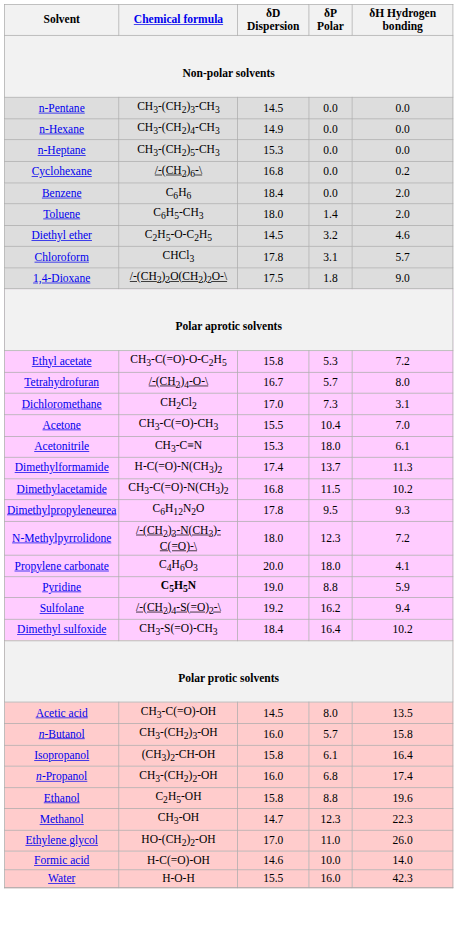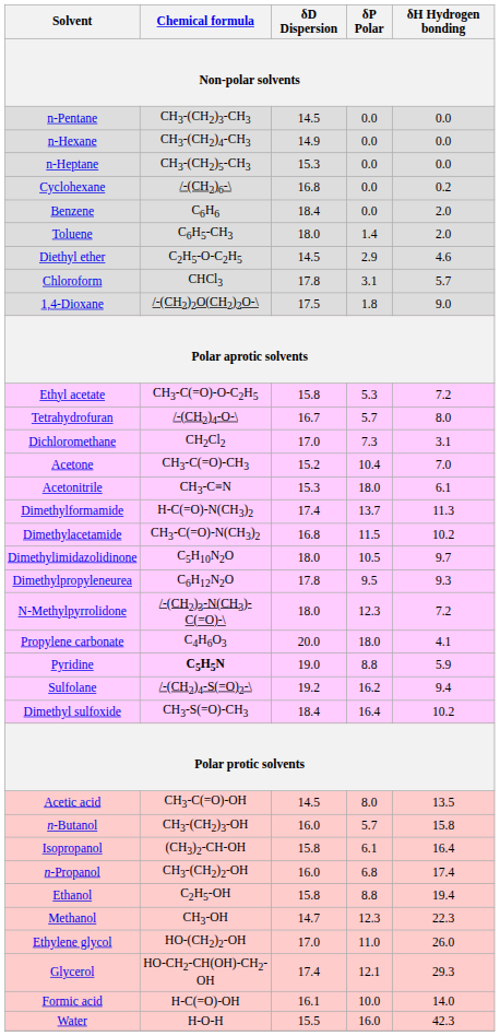 <table class="wikitable sortable" style="margin:auto; text-align:center;">
 <tr>
 <th>Solvent</th>
 <th><a href='#'>Chemical formula</a></th>
 <th>δD Dispersion</th>
 <th>δP Polar</th>
 <th>δH Hydrogen bonding<br></th>
 </tr>
 <tr style="background:#ddd;height: 50px;vertical-align:top">
 <th colspan="5"><br><h4>Non-polar solvents</h4></th>
 </tr>
 <tr style="background:#ddd;">
 <td><a href='#'>n-Pentane</a></td>
 <td>CH<sub>3</sub>-(CH<sub>2</sub>)<sub>3</sub>-CH<sub>3</sub></td>
 <td>14.5</td>
 <td>0.0</td>
 <td>0.0</td>
 </tr>
 <tr style="background:#ddd;">
 <td><a href='#'>n-Hexane</a></td>
 <td>CH<sub>3</sub>-(CH<sub>2</sub>)<sub>4</sub>-CH<sub>3</sub></td>
 <td>14.9</td>
 <td>0.0</td>
 <td>0.0</td>
 </tr>
 <tr style="background:#ddd;">
 <td><a href='#'>n-Heptane</a></td>
 <td>CH<sub>3</sub>-(CH<sub>2</sub>)<sub>5</sub>-CH<sub>3</sub></td>
 <td>15.3</td>
 <td>0.0</td>
 <td>0.0</td>
 </tr>
 <tr style="background:#ddd;">
 <td><a href='#'>Cyclohexane</a></td>
 <td><u>/-(CH<sub>2</sub>)<sub>6</sub>-\</u></td>
 <td>16.8</td>
 <td>0.0</td>
 <td>0.2</td>
 </tr>
 <tr style="background:#ddd;">
 <td><a href='#'>Benzene</a></td>
 <td>C<sub>6</sub>H<sub>6</sub></td>
 <td>18.4</td>
 <td>0.0</td>
 <td>2.0</td>
 </tr>
 <tr style="background:#ddd;">
 <td><a href='#'>Toluene</a></td>
 <td>C<sub>6</sub>H<sub>5</sub>-CH<sub>3</sub></td>
 <td>18.0</td>
 <td>1.4</td>
 <td>2.0</td>
 </tr>
 <tr style="background:#ddd;">
 <td><a href='#'>Diethyl ether</a></td>
 <td>C<sub>2</sub>H<sub>5</sub>-O-C<sub>2</sub>H<sub>5</sub></td>
 <td>14.5</td>
-<td>3.2</td>
+<td>2.9</td>
 <td>4.6</td>
 </tr>
 <tr style="background:#ddd;">
 <td><a href='#'>Chloroform</a></td>
 <td>CHCl<sub>3</sub></td>
 <td>17.8</td>
 <td>3.1</td>
 <td>5.7</td>
 </tr>
 <tr style="background:#ddd;">
 <td><a href='#'>1,4-Dioxane</a></td>
 <td><u>/-(CH<sub>2</sub>)<sub>2</sub>O(CH<sub>2</sub>)<sub>2</sub>O-\</u></td>
 <td>17.5</td>
 <td>1.8</td>
 <td>9.0</td>
 </tr>
 <tr style="background:#fcf;height: 50px;vertical-align:top">
 <th colspan="5"><br><h4>Polar aprotic solvents</h4></th>
 </tr>
 <tr style="background:#fcf;">
 <td><a href='#'>Ethyl acetate</a></td>
 <td>CH<sub>3</sub>-C(=O)-O-C<sub>2</sub>H<sub>5</sub></td>
 <td>15.8</td>
 <td>5.3</td>
 <td>7.2</td>
 </tr>
 <tr style="background:#fcf;">
 <td><a href='#'>Tetrahydrofuran</a></td>
 <td><u>/-(CH<sub>2</sub>)<sub>4</sub>-O-\</u></td>
 <td>16.7</td>
 <td>5.7</td>
 <td>8.0</td>
 </tr>
 <tr style="background:#fcf;">
 <td><a href='#'>Dichloromethane</a></td>
 <td>CH<sub>2</sub>Cl<sub>2</sub></td>
 <td>17.0</td>
 <td>7.3</td>
 <td>3.1</td>
 </tr>
 <tr style="background:#fcf;">
 <td><a href='#'>Acetone</a></td>
 <td>CH<sub>3</sub>-C(=O)-CH<sub>3</sub></td>
-<td>15.5</td>
+<td>15.2</td>
 <td>10.4</td>
 <td>7.0</td>
 </tr>
 <tr style="background:#fcf;">
 <td><a href='#'>Acetonitrile</a></td>
 <td>CH<sub>3</sub>-C≡N</td>
 <td>15.3</td>
 <td>18.0</td>
 <td>6.1</td>
 </tr>
 <tr style="background:#fcf;">
 <td><a href='#'>Dimethylformamide</a></td>
 <td>H-C(=O)-N(CH<sub>3</sub>)<sub>2</sub></td>
 <td>17.4</td>
 <td>13.7</td>
 <td>11.3</td>
 </tr>
 <tr style="background:#fcf;">
 <td><a href='#'>Dimethylacetamide</a></td>
 <td>CH<sub>3</sub>-C(=O)-N(CH<sub>3</sub>)<sub>2</sub></td>
 <td>16.8</td>
 <td>11.5</td>
 <td>10.2</td>
+</tr>
+<tr style="background:#fcf;">
+<td><a href='#'>Dimethylimidazolidinone</a></td>
+<td>C<sub>5</sub>H<sub>10</sub>N<sub>2</sub>O</td>
+<td>18.0</td>
+<td>10.5</td>
+<td>9.7</td>
 </tr>
 <tr style="background:#fcf;">
 <td><a href='#'>Dimethylpropyleneurea</a></td>
 <td>C<sub>6</sub>H<sub>12</sub>N<sub>2</sub>O</td>
 <td>17.8</td>
 <td>9.5</td>
 <td>9.3</td>
 </tr>
 <tr style="background:#fcf;">
 <td><a href='#'>N-Methylpyrrolidone</a></td>
 <td><u>/-(CH<sub>2</sub>)<sub>3</sub>-N(CH<sub>3</sub>)-C(=O)-\</u></td>
 <td>18.0</td>
 <td>12.3</td>
 <td>7.2</td>
 </tr>
 <tr style="background:#fcf;">
 <td><a href='#'>Propylene carbonate</a></td>
 <td>C<sub>4</sub>H<sub>6</sub>O<sub>3</sub></td>
 <td>20.0</td>
 <td>18.0</td>
 <td>4.1</td>
 </tr>
 <tr style="background:#fcf;">
 <td><a href='#'>Pyridine</a></td>
 <td><strong>C<sub>5</sub>H<sub>5</sub>N</strong></td>
 <td>19.0</td>
 <td>8.8</td>
 <td>5.9</td>
 </tr>
 <tr style="background:#fcf;">
 <td><a href='#'>Sulfolane</a></td>
 <td><u>/-(CH<sub>2</sub>)<sub>4</sub>-S(=O)<sub>2</sub>-\</u></td>
 <td>19.2</td>
 <td>16.2</td>
 <td>9.4</td>
 </tr>
 <tr style="background:#fcf;">
 <td><a href='#'>Dimethyl sulfoxide</a></td>
 <td>CH<sub>3</sub>-S(=O)-CH<sub>3</sub></td>
 <td>18.4</td>
 <td>16.4</td>
 <td>10.2</td>
 </tr>
 <tr style="background:#fcc;height: 50px;vertical-align:top">
 <th colspan="5"><br><h4>Polar protic solvents</h4></th>
 </tr>
 <tr style="background:#fcc;">
 <td><a href='#'>Acetic acid</a></td>
 <td>CH<sub>3</sub>-C(=O)-OH</td>
 <td>14.5</td>
 <td>8.0</td>
 <td>13.5</td>
 </tr>
 <tr style="background:#fcc;">
 <td><a href='#'><em>n</em>-Butanol</a></td>
 <td>CH<sub>3</sub>-(CH<sub>2</sub>)<sub>3</sub>-OH</td>
 <td>16.0</td>
 <td>5.7</td>
 <td>15.8</td>
 </tr>
 <tr style="background:#fcc;">
 <td><a href='#'>Isopropanol</a></td>
 <td>(CH<sub>3</sub>)<sub>2</sub>-CH-OH</td>
 <td>15.8</td>
 <td>6.1</td>
 <td>16.4</td>
 </tr>
 <tr style="background:#fcc;">
 <td><a href='#'><em>n</em>-Propanol</a></td>
 <td>CH<sub>3</sub>-(CH<sub>2</sub>)<sub>2</sub>-OH</td>
 <td>16.0</td>
 <td>6.8</td>
 <td>17.4</td>
 </tr>
 <tr style="background:#fcc;">
 <td><a href='#'>Ethanol</a></td>
 <td>C<sub>2</sub>H<sub>5</sub>-OH</td>
 <td>15.8</td>
 <td>8.8</td>
-<td>19.6</td>
+<td>19.4</td>
 </tr>
 <tr style="background:#fcc;">
 <td><a href='#'>Methanol</a></td>
 <td>CH<sub>3</sub>-OH</td>
 <td>14.7</td>
 <td>12.3</td>
 <td>22.3</td>
 </tr>
 <tr style="background:#fcc;">
 <td><a href='#'>Ethylene glycol</a></td>
 <td>HO-(CH<sub>2</sub>)<sub>2</sub>-OH</td>
 <td>17.0</td>
 <td>11.0</td>
 <td>26.0</td>
 </tr>
 <tr style="background:#fcc;">
+<td><a href='#'>Glycerol</a></td>
+<td>HO-CH<sub>2</sub>-CH(OH)-CH<sub>2</sub>-OH</td>
+<td>17.4</td>
+<td>12.1</td>
+<td>29.3</td>
+</tr>
+<tr style="background:#fcc;">
 <td><a href='#'>Formic acid</a></td>
 <td>H-C(=O)-OH</td>
-<td>14.6</td>
+<td>16.1</td>
 <td>10.0</td>
 <td>14.0</td>
 </tr>
 <tr style="background:#fcc;">
 <td><a href='#'>Water</a></td>
 <td>H-O-H</td>
 <td>15.5</td>
 <td>16.0</td>
 <td>42.3</td>
 </tr>
 <tr>
 </tr>
 </table>
